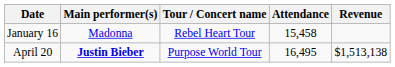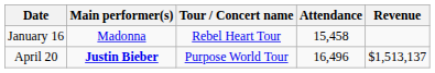 <table class="wikitable"  style="text-align:center; font-size:95%;">
 <tr>
 <th style="text-align:center;">Date</th>
 <th style="text-align:center;">Main performer(s)</th>
 <th style="text-align:center;">Tour / Concert name</th>
 <th style="text-align:center;">Attendance</th>
 <th style="text-align:center;">Revenue</th>
 </tr>
 <tr>
 <td>January 16</td>
 <td><a href='#'>Madonna</a></td>
 <td><a href='#'>Rebel Heart Tour</a></td>
 <td>15,458</td>
 <td></td>
 </tr>
 <tr>
 <td>April 20</td>
 <td><strong><a href='#'>Justin Bieber</a></strong></td>
 <td><a href='#'>Purpose World Tour</a></td>
-<td>16,495</td>
-<td>$1,513,138</td>
+<td>16,496</td>
+<td>$1,513,137</td>
 </tr>
 </table>
